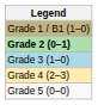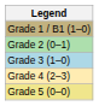 <table class="wikitable" style="font-size:85%;">
 <tr>
 <th>Legend</th>
 </tr>
 <tr bgcolor="C2B280">
 <td>Grade 1 / B1 (1–0)</td>
 </tr>
 <tr bgcolor="ADDFAD">
-<td><strong>Grade 2 (0–1)</strong></td>
+<td>Grade 2 (0–1)</td>
 </tr>
 <tr bgcolor="lightblue">
 <td>Grade 3 (1–0)</td>
 </tr>
 <tr bgcolor="ffecb2">
 <td>Grade 4 (2–3)</td>
 </tr>
 <tr>
-<td>Grade 5 (0–0)</td>
+<td style="background: khaki;">Grade 5 (0–0)</td>
 </tr>
 </table>
